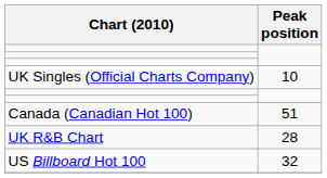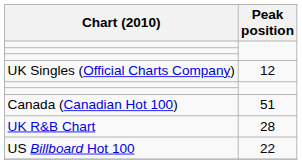 <table class="wikitable">
 <tr>
 <th>Chart (2010)</th>
 <th>Peak<br>position</th>
 </tr>
 <tr>
 <td></td>
 </tr>
 <tr>
 <td></td>
 </tr>
 <tr>
 <td></td>
 </tr>
 <tr>
 <td align="left">UK Singles (<a href='#'>Official Charts Company</a>)</td>
-<td align="center">10</td>
+<td align="center">12</td>
 </tr>
 <tr>
 <td></td>
 </tr>
 <tr>
 <td></td>
 </tr>
 <tr>
 <td>Canada (<a href='#'>Canadian Hot 100</a>)</td>
 <td align="center">51</td>
 </tr>
 <tr>
 <td align="left"><a href='#'>UK R&B Chart</a></td>
 <td align="center">28</td>
 </tr>
 <tr>
 <td>US <a href='#'><em>Billboard</em> Hot 100</a></td>
-<td align="center">32</td>
+<td align="center">22</td>
 </tr>
 <tr>
 </tr>
 </table>
